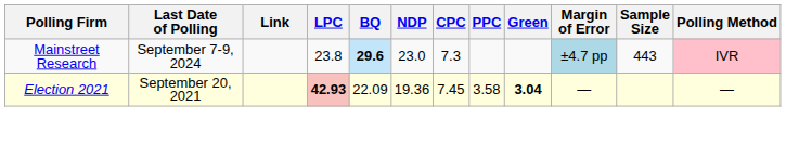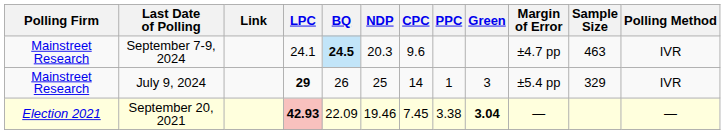 <table class="wikitable sortable" style="text-align:center;font-size:90%;line-height:14px;">
 <tr style="background:#e9e9e9;">
 <th style="width:120px">Polling Firm</th>
 <th style="width:110px">Last Date<br>of Polling</th>
 <th style="width:60px" class="unsortable">Link</th>
 <th style="background-color:"><a href='#'>LPC</a></th>
 <th style="background-color:"><a href='#'>BQ</a></th>
 <th style="background-color:"><a href='#'>NDP</a></th>
 <th style="background-color:"><a href='#'>CPC</a></th>
 <th style="background-color:"><a href='#'><span>PPC</span></a></th>
 <th style="background-color:"><a href='#'>Green</a></th>
 <th style="width:60px;" class=unsortable>Margin<br>of Error</th>
 <th style="width:50px;" class=unsortable>Sample<br>Size</th>
 <th class=unsortable>Polling Method</th>
 </tr>
 <tr>
 <td><a href='#'>Mainstreet Research</a></td>
 <td>September 7-9, 2024</td>
 <td></td>
-<td>23.8</td>
-<td style="background:#C2E5F9"><strong>29.6</strong></td>
-<td>23.0</td>
-<td>7.3</td>
+<td>24.1</td>
+<td style="background:#C2E5F9"><strong>24.5</strong></td>
+<td>20.3</td>
+<td>9.6</td>
 <td></td>
 <td></td>
-<td style="background: lightblue;">±4.7 pp</td>
-<td>443</td>
-<td style="background: pink;">IVR</td>
+<td>±4.7 pp</td>
+<td>463</td>
+<td>IVR</td>
+</tr>
+<tr>
+<td><a href='#'>Mainstreet Research</a></td>
+<td>July 9, 2024</td>
+<td></td>
+<td><strong>29</strong></td>
+<td>26</td>
+<td>25</td>
+<td>14</td>
+<td>1</td>
+<td>3</td>
+<td>±5.4 pp</td>
+<td>329</td>
+<td>IVR</td>
 </tr>
 <tr>
 <td style="background:#ffd;"><em><a href='#'>Election 2021</a></em></td>
 <td style="background:#ffd;">September 20, 2021</td>
 <td style="background:#ffd;"></td>
 <td style="background:#f8c1be;"><strong>42.93</strong></td>
 <td style="background:#ffd;">22.09</td>
-<td style="background:#ffd;">19.36</td>
+<td style="background:#ffd;">19.46</td>
 <td style="background:#ffd;">7.45</td>
-<td style="background:#ffd;">3.58</td>
+<td style="background:#ffd;">3.38</td>
 <td style="background:#ffd;"><strong>3.04</strong></td>
 <td style="background:#ffd;">—</td>
 <td style="background:#ffd;"></td>
 <td style="background:#ffd;">—</td>
 </tr>
 </table>
